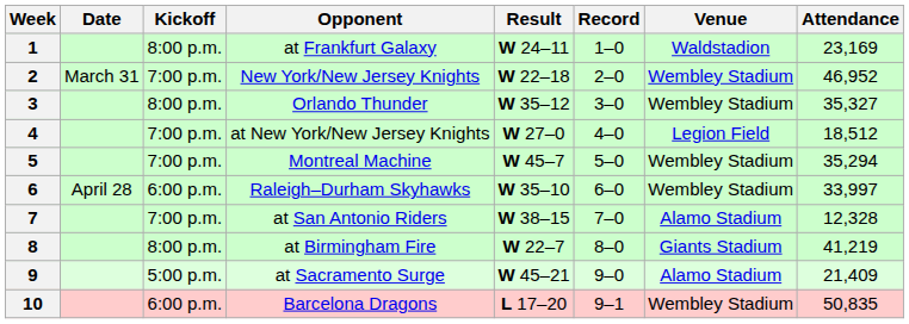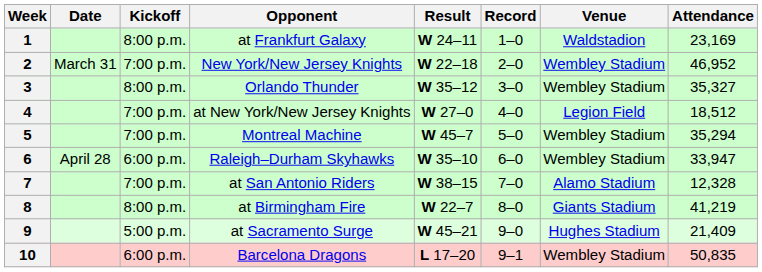 <table class="wikitable" style="text-align:center">
 <tr>
 <th>Week</th>
 <th>Date</th>
 <th>Kickoff</th>
 <th>Opponent</th>
 <th>Result</th>
 <th>Record</th>
 <th>Venue</th>
 <th>Attendance</th>
 </tr>
 <tr style="background:#cfc">
 <th>1</th>
 <td></td>
 <td>8:00 p.m.</td>
 <td>at <a href='#'>Frankfurt Galaxy</a></td>
 <td><strong>W</strong> 24–11</td>
 <td>1–0</td>
 <td><a href='#'>Waldstadion</a></td>
 <td>23,169</td>
 </tr>
 <tr style="background:#cfc">
 <th>2</th>
 <td>March 31</td>
 <td>7:00 p.m.</td>
 <td><a href='#'>New York/New Jersey Knights</a></td>
 <td><strong>W</strong> 22–18</td>
 <td>2–0</td>
 <td><a href='#'>Wembley Stadium</a></td>
 <td>46,952</td>
 </tr>
 <tr style="background:#cfc">
 <th>3</th>
 <td></td>
 <td>8:00 p.m.</td>
 <td><a href='#'>Orlando Thunder</a></td>
 <td><strong>W</strong> 35–12</td>
 <td>3–0</td>
 <td>Wembley Stadium</td>
 <td>35,327</td>
 </tr>
 <tr style="background:#cfc">
 <th>4</th>
 <td></td>
 <td>7:00 p.m.</td>
 <td>at New York/New Jersey Knights</td>
 <td><strong>W</strong> 27–0</td>
 <td>4–0</td>
 <td><a href='#'>Legion Field</a></td>
 <td>18,512</td>
 </tr>
 <tr style="background:#cfc">
 <th>5</th>
 <td></td>
 <td>7:00 p.m.</td>
 <td><a href='#'>Montreal Machine</a></td>
 <td><strong>W</strong> 45–7</td>
 <td>5–0</td>
 <td>Wembley Stadium</td>
 <td>35,294</td>
 </tr>
 <tr style="background:#cfc">
 <th>6</th>
 <td>April 28</td>
 <td>6:00 p.m.</td>
 <td><a href='#'>Raleigh–Durham Skyhawks</a></td>
 <td><strong>W</strong> 35–10</td>
 <td>6–0</td>
 <td>Wembley Stadium</td>
-<td>33,997</td>
+<td>33,947</td>
 </tr>
 <tr style="background:#cfc">
 <th>7</th>
 <td></td>
 <td>7:00 p.m.</td>
 <td>at <a href='#'>San Antonio Riders</a></td>
 <td><strong>W</strong> 38–15</td>
 <td>7–0</td>
 <td><a href='#'>Alamo Stadium</a></td>
 <td>12,328</td>
 </tr>
 <tr style="background:#cfc">
 <th>8</th>
 <td></td>
 <td>8:00 p.m.</td>
 <td>at <a href='#'>Birmingham Fire</a></td>
 <td><strong>W</strong> 22–7</td>
 <td>8–0</td>
 <td><a href='#'>Giants Stadium</a></td>
 <td>41,219</td>
 </tr>
 <tr bgcolor="#DDFFDD">
 <th>9</th>
 <td></td>
 <td>5:00 p.m.</td>
 <td>at <a href='#'>Sacramento Surge</a></td>
 <td><strong>W</strong> 45–21</td>
 <td>9–0</td>
-<td><a href='#'>Alamo Stadium</a></td>
+<td><a href='#'>Hughes Stadium</a></td>
 <td>21,409</td>
 </tr>
 <tr style="background:#fcc">
 <th>10</th>
 <td></td>
 <td>6:00 p.m.</td>
 <td><a href='#'>Barcelona Dragons</a></td>
 <td><strong>L</strong> 17–20</td>
 <td>9–1</td>
 <td>Wembley Stadium</td>
 <td>50,835</td>
 </tr>
 </table>
